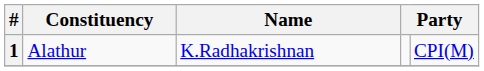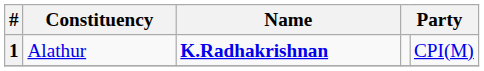 <table class="wikitable sortable">
 <tr>
 <th>#</th>
 <th style="width:120px">Constituency</th>
 <th style="width:180px">Name</th>
 <th colspan=2>Party</th>
 </tr>
 <tr>
 <th>1</th>
 <td><a href='#'>Alathur</a></td>
-<td><a href='#'>K.Radhakrishnan</a></td>
+<td><strong><a href='#'>K.Radhakrishnan</a></strong></td>
 <td bgcolor=></td>
 <td><a href='#'>CPI(M)</a></td>
 </tr>
 <tr>
 </tr>
 </table>
